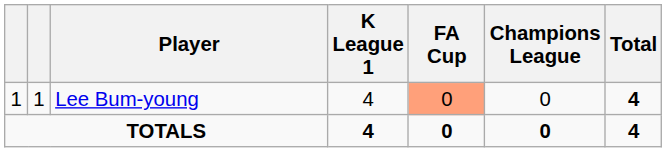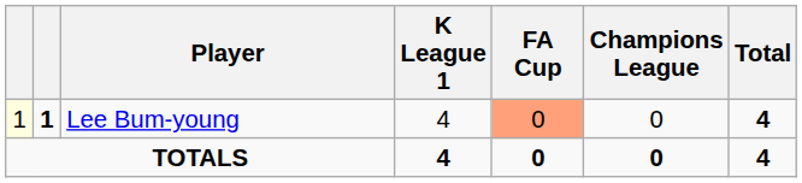 <table class="wikitable sortable" style="font-size: 95%; text-align: center;">
 <tr>
 <th width=10></th>
 <th width=10></th>
 <th width=200>Player</th>
 <th width=50>K League 1</th>
 <th width=50>FA Cup</th>
 <th width=50>Champions League</th>
 <th>Total</th>
 </tr>
 <tr>
-<td>1</td>
-<td>1</td>
+<td style="background: lightyellow;">1</td>
+<td><strong>1</strong></td>
 <td align="left"> <a href='#'>Lee Bum-young</a></td>
 <td>4</td>
 <td style="background: lightsalmon;">0</td>
 <td>0</td>
 <td><strong>4</strong></td>
 </tr>
 <tr>
 <td colspan="3"><strong>TOTALS</strong></td>
 <td><strong>4</strong></td>
 <td><strong>0</strong></td>
 <td><strong>0</strong></td>
 <td><strong>4</strong></td>
 </tr>
 </table>
